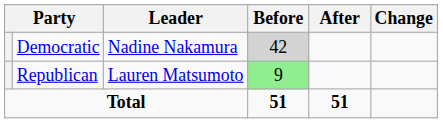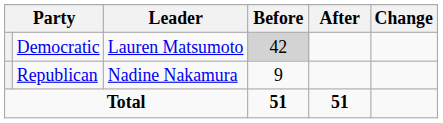 <table class="wikitable" style="text-align:center;">
 <tr>
 </tr>
 <tr>
 <th colspan="2">Party</th>
 <th>Leader</th>
 <th style="width:3em">Before</th>
 <th style="width:3em">After</th>
 <th style="width:3em">Change</th>
 </tr>
 <tr>
 <th style="background-color:"></th>
 <td style="text-align:left;"><a href='#'>Democratic</a></td>
-<td style="text-align:left;"><a href='#'>Nadine Nakamura</a></td>
+<td style="text-align:left;"><a href='#'>Lauren Matsumoto</a></td>
 <td style="background: lightgrey;">42</td>
 <td></td>
 <td></td>
 </tr>
 <tr>
 <th style="background-color:"></th>
 <td style="text-align:left;"><a href='#'>Republican</a></td>
-<td style="text-align:left;"><a href='#'>Lauren Matsumoto</a></td>
-<td style="background: lightgreen;">9</td>
+<td style="text-align:left;"><a href='#'>Nadine Nakamura</a></td>
+<td>9</td>
 <td></td>
 <td></td>
 </tr>
 <tr>
 <td colspan="3"><strong>Total</strong></td>
 <td><strong>51</strong></td>
 <td><strong>51</strong></td>
 <td></td>
 </tr>
 </table>
